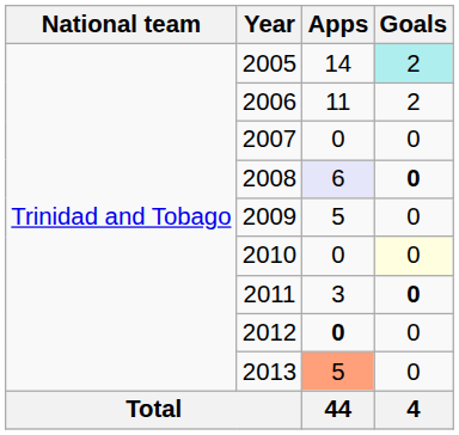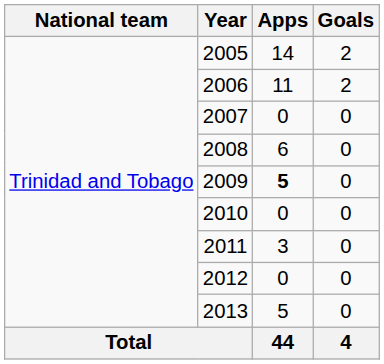 <table class="wikitable" style="text-align:center">
 <tr>
 <th>National team</th>
 <th>Year</th>
 <th>Apps</th>
 <th>Goals</th>
 </tr>
 <tr>
 <td rowspan="9"><a href='#'>Trinidad and Tobago</a></td>
 <td>2005</td>
 <td>14</td>
-<td style="background: paleturquoise;">2</td>
+<td>2</td>
 </tr>
 <tr>
 <td>2006</td>
 <td>11</td>
 <td>2</td>
 </tr>
 <tr>
 <td>2007</td>
 <td>0</td>
 <td>0</td>
 </tr>
 <tr>
 <td>2008</td>
-<td style="background: lavender;">6</td>
-<td><strong>0</strong></td>
+<td>6</td>
+<td>0</td>
 </tr>
 <tr>
 <td>2009</td>
-<td>5</td>
+<td><strong>5</strong></td>
 <td>0</td>
 </tr>
 <tr>
 <td>2010</td>
 <td>0</td>
-<td style="background: lightyellow;">0</td>
+<td>0</td>
 </tr>
 <tr>
 <td>2011</td>
 <td>3</td>
-<td><strong>0</strong></td>
+<td>0</td>
 </tr>
 <tr>
 <td>2012</td>
-<td><strong>0</strong></td>
+<td>0</td>
 <td>0</td>
 </tr>
 <tr>
 <td>2013</td>
-<td style="background: lightsalmon;">5</td>
+<td>5</td>
 <td>0</td>
 </tr>
 <tr>
 <th colspan="2">Total</th>
 <th>44</th>
 <th>4</th>
 </tr>
 </table>
